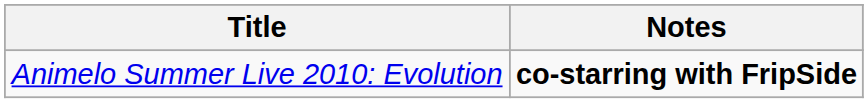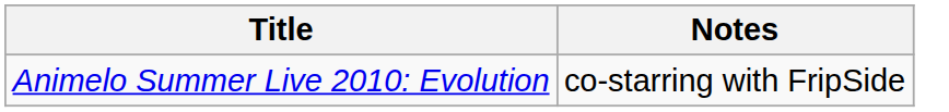 <table class="wikitable">
 <tr>
 <th>Title</th>
 <th>Notes</th>
 </tr>
 <tr>
 <td><em><a href='#'>Animelo Summer Live 2010: Evolution</a></em></td>
-<td><strong>co-starring with FripSide</strong></td>
+<td>co-starring with FripSide</td>
 </tr>
 </table>
